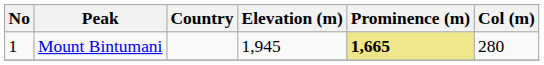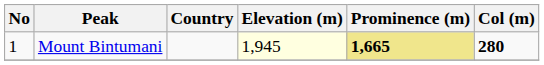 <table class="wikitable sortable">
 <tr>
 <th>No</th>
 <th>Peak</th>
 <th>Country</th>
 <th>Elevation (m)</th>
 <th>Prominence (m)</th>
 <th>Col (m)</th>
 </tr>
 <tr>
 <td>1</td>
 <td><a href='#'>Mount Bintumani</a></td>
 <td></td>
-<td>1,945</td>
+<td style="background: lightyellow;">1,945</td>
 <td style="background: khaki;"><strong>1,665</strong></td>
-<td>280</td>
+<td><strong>280</strong></td>
 </tr>
 <tr>
 </tr>
 </table>
